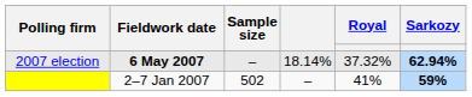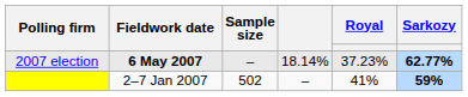 <table class="wikitable sortable" style="text-align:center;font-size:90%;line-height:14px;">
 <tr style="height:40px;">
 <th style="width:100px;" rowspan="2">Polling firm</th>
 <th style="width:110px;" rowspan="2">Fieldwork date</th>
 <th style="width:35px;" rowspan="2">Sample<br>size</th>
 <th style="width:30px;" rowspan="2"></th>
 <th class="unsortable" style="width:60px;"><a href='#'>Royal</a><br></th>
 <th class="unsortable" style="width:60px;"><a href='#'>Sarkozy</a><br></th>
 </tr>
 <tr>
 <th style="background:"></th>
 <th style="background:"></th>
 </tr>
 <tr style="background:#E9E9E9;">
 <td><a href='#'>2007 election</a></td>
 <td data-sort-value="2007-05-06"><strong>6 May 2007</strong></td>
 <td>–</td>
 <td>18.14%</td>
-<td>37.32%</td>
-<td style="background:#B9DAFF;"><strong>62.94%</strong></td>
+<td>37.23%</td>
+<td style="background:#B9DAFF;"><strong>62.77%</strong></td>
 </tr>
 <tr>
 <td style="background:yellow;"></td>
 <td data-sort-value="2007-01-07">2–7 Jan 2007</td>
 <td>502</td>
 <td>–</td>
 <td>41%</td>
 <td style="background:#B9DAFF;"><strong>59%</strong></td>
 </tr>
 </table>
